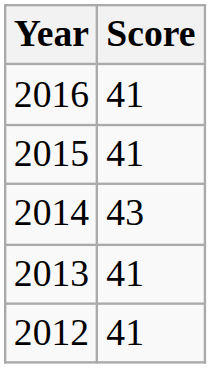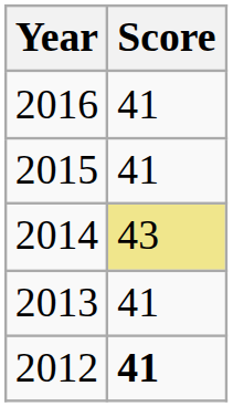 <table class="wikitable">
 <tr>
 <th>Year</th>
 <th>Score</th>
 </tr>
 <tr>
 <td>2016</td>
 <td>41</td>
 </tr>
 <tr>
 <td>2015</td>
 <td>41</td>
 </tr>
 <tr>
 <td>2014</td>
-<td>43</td>
+<td style="background: khaki;">43</td>
 </tr>
 <tr>
 <td>2013</td>
 <td>41</td>
 </tr>
 <tr>
 <td>2012</td>
-<td>41</td>
+<td><strong>41</strong></td>
 </tr>
 </table>
